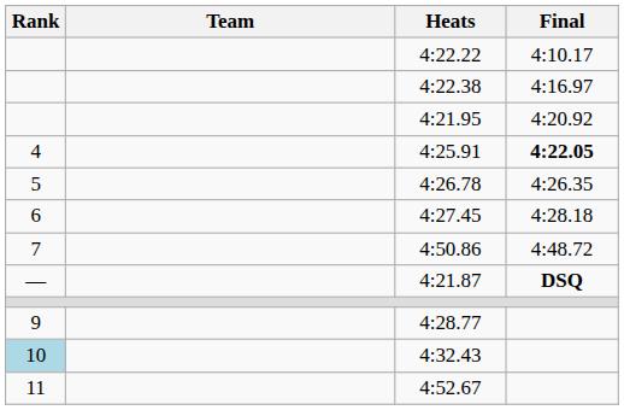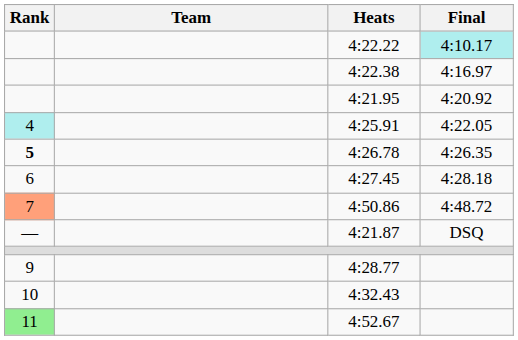 <table class=wikitable style="text-align:center">
 <tr>
 <th width=40>Rank</th>
 <th width=250>Team</th>
 <th width=80>Heats</th>
 <th width=80>Final</th>
 </tr>
 <tr>
 <td></td>
 <td align=left></td>
 <td>4:22.22</td>
-<td>4:10.17</td>
+<td style="background: paleturquoise;">4:10.17</td>
 </tr>
 <tr>
 <td></td>
 <td align=left></td>
 <td>4:22.38</td>
 <td>4:16.97</td>
 </tr>
 <tr>
 <td></td>
 <td align=left></td>
 <td>4:21.95</td>
 <td>4:20.92</td>
 </tr>
 <tr>
-<td>4</td>
+<td style="background: paleturquoise;">4</td>
 <td align=left></td>
 <td>4:25.91</td>
-<td><strong>4:22.05</strong></td>
+<td>4:22.05</td>
 </tr>
 <tr>
-<td>5</td>
+<td><strong>5</strong></td>
 <td align=left></td>
 <td>4:26.78</td>
 <td>4:26.35</td>
 </tr>
 <tr>
 <td>6</td>
 <td align=left></td>
 <td>4:27.45</td>
 <td>4:28.18</td>
 </tr>
 <tr>
-<td>7</td>
+<td style="background: lightsalmon;">7</td>
 <td align=left></td>
 <td>4:50.86 </td>
 <td>4:48.72</td>
 </tr>
 <tr>
 <td>—</td>
 <td align=left></td>
 <td>4:21.87</td>
-<td><strong>DSQ</strong></td>
+<td>DSQ</td>
 </tr>
 <tr bgcolor=#DDDDDD>
 <td colspan=4></td>
 </tr>
 <tr>
 <td>9</td>
 <td align=left></td>
 <td>4:28.77 </td>
 <td></td>
 </tr>
 <tr>
-<td style="background: lightblue;">10</td>
+<td>10</td>
 <td align=left></td>
 <td>4:32.43</td>
 <td></td>
 </tr>
 <tr>
-<td>11</td>
+<td style="background: lightgreen;">11</td>
 <td align=left></td>
 <td>4:52.67</td>
 <td></td>
 </tr>
 </table>
